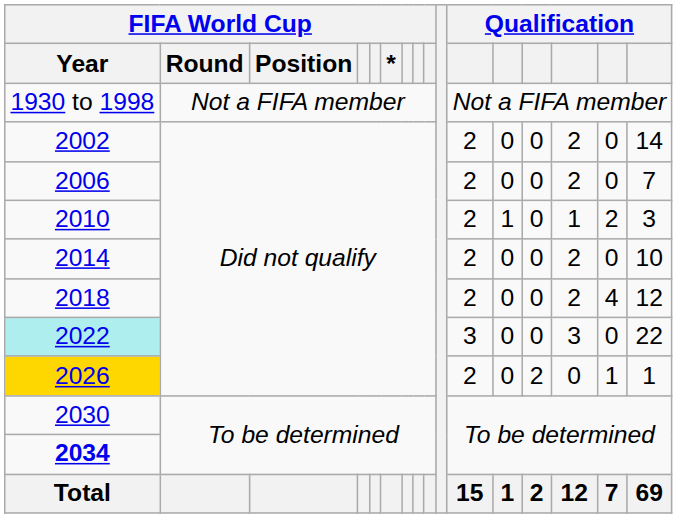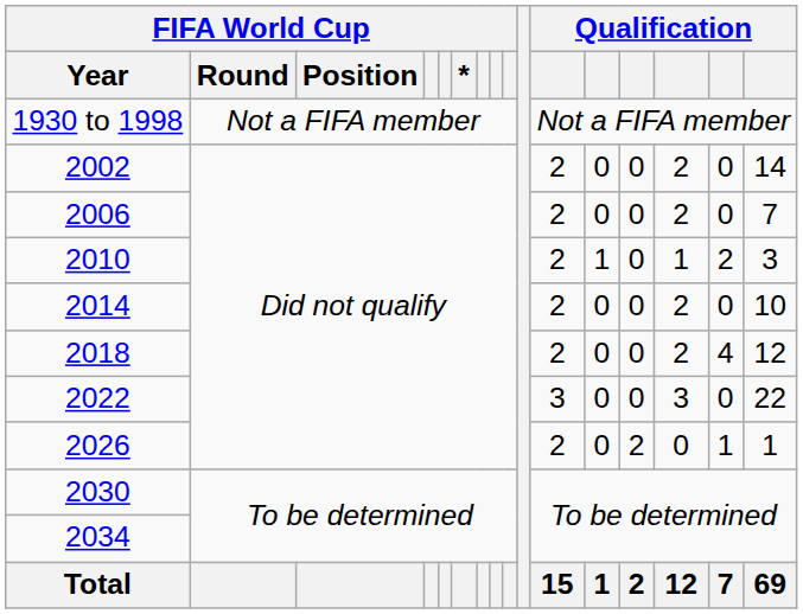 <table class="wikitable" style="text-align: center;">
 <tr>
 <th colspan=9><a href='#'>FIFA World Cup</a></th>
 <th rowspan=41></th>
 <th colspan=6><a href='#'>Qualification</a></th>
 </tr>
 <tr>
 <th>Year</th>
 <th>Round</th>
 <th>Position</th>
 <th></th>
 <th></th>
 <th>*</th>
 <th></th>
 <th></th>
 <th></th>
 <th></th>
 <th></th>
 <th></th>
 <th></th>
 <th></th>
 <th></th>
 </tr>
 <tr>
 <td><a href='#'>1930</a> to <a href='#'>1998</a></td>
 <td colspan=8><em>Not a FIFA member</em></td>
 <td colspan=6><em>Not a FIFA member</em></td>
 </tr>
 <tr>
 <td>  <a href='#'>2002</a></td>
 <td colspan=8 rowspan=7><em>Did not qualify</em></td>
 <td>2</td>
 <td>0</td>
 <td>0</td>
 <td>2</td>
 <td>0</td>
 <td>14</td>
 </tr>
 <tr>
 <td> <a href='#'>2006</a></td>
 <td>2</td>
 <td>0</td>
 <td>0</td>
 <td>2</td>
 <td>0</td>
 <td>7</td>
 </tr>
 <tr>
 <td> <a href='#'>2010</a></td>
 <td>2</td>
 <td>1</td>
 <td>0</td>
 <td>1</td>
 <td>2</td>
 <td>3</td>
 </tr>
 <tr>
 <td> <a href='#'>2014</a></td>
 <td>2</td>
 <td>0</td>
 <td>0</td>
 <td>2</td>
 <td>0</td>
 <td>10</td>
 </tr>
 <tr>
 <td> <a href='#'>2018</a></td>
 <td>2</td>
 <td>0</td>
 <td>0</td>
 <td>2</td>
 <td>4</td>
 <td>12</td>
 </tr>
 <tr>
-<td style="background: paleturquoise;"> <a href='#'>2022</a></td>
+<td> <a href='#'>2022</a></td>
 <td>3</td>
 <td>0</td>
 <td>0</td>
 <td>3</td>
 <td>0</td>
 <td>22</td>
 </tr>
 <tr>
-<td style="background: gold;">   <a href='#'>2026</a></td>
+<td>   <a href='#'>2026</a></td>
 <td>2</td>
 <td>0</td>
 <td>2</td>
 <td>0</td>
 <td>1</td>
 <td>1</td>
 </tr>
 <tr>
 <td>   <a href='#'>2030</a></td>
 <td colspan=9 rowspan=2><em>To be determined</em></td>
 <td colspan=7 rowspan=2><em>To be determined</em></td>
 </tr>
 <tr>
-<td><strong> <a href='#'>2034</a></strong></td>
+<td> <a href='#'>2034</a></td>
 </tr>
 <tr>
 <th>Total</th>
 <th></th>
 <th></th>
 <th></th>
 <th></th>
 <th></th>
 <th></th>
 <th></th>
 <th></th>
 <th>15</th>
 <th>1</th>
 <th>2</th>
 <th>12</th>
 <th>7</th>
 <th>69</th>
 </tr>
 </table>
